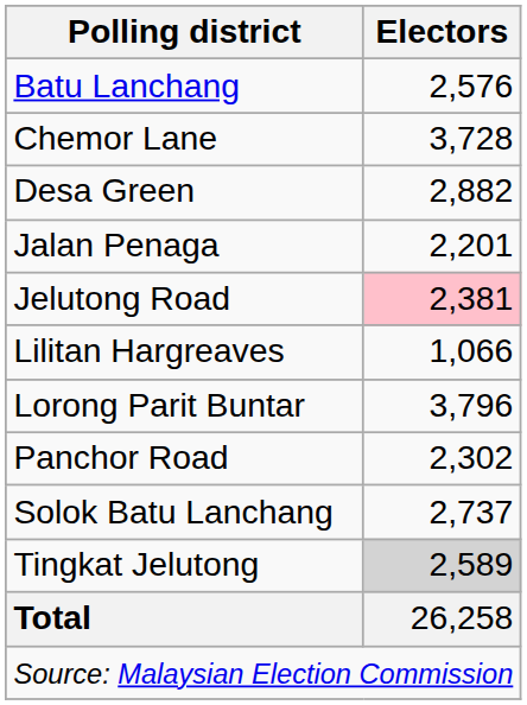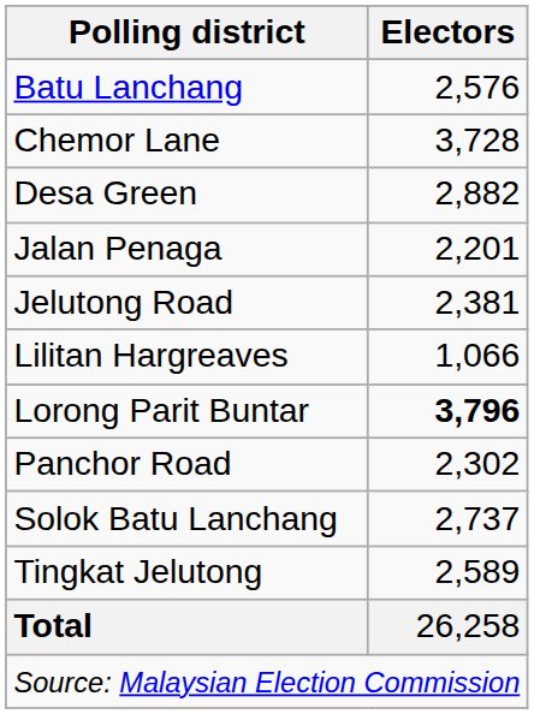 <table class="wikitable sortable">
 <tr>
 <th>Polling district</th>
 <th>Electors</th>
 </tr>
 <tr>
 <td><a href='#'>Batu Lanchang</a></td>
 <td align="right">2,576</td>
 </tr>
 <tr>
 <td>Chemor Lane</td>
 <td align="right">3,728</td>
 </tr>
 <tr>
 <td>Desa Green</td>
 <td align="right">2,882</td>
 </tr>
 <tr>
 <td>Jalan Penaga</td>
 <td align="right">2,201</td>
 </tr>
 <tr>
 <td>Jelutong Road</td>
-<td align="right" style="background: pink;">2,381</td>
+<td align="right">2,381</td>
 </tr>
 <tr>
 <td>Lilitan Hargreaves</td>
 <td align="right">1,066</td>
 </tr>
 <tr>
 <td>Lorong Parit Buntar</td>
-<td align="right">3,796</td>
+<td align="right"><strong>3,796</strong></td>
 </tr>
 <tr>
 <td>Panchor Road</td>
 <td align="right">2,302</td>
 </tr>
 <tr>
 <td>Solok Batu Lanchang</td>
 <td align="right">2,737</td>
 </tr>
 <tr>
 <td>Tingkat Jelutong</td>
-<td align="right" style="background: lightgrey;">2,589</td>
+<td align="right">2,589</td>
 </tr>
 <tr>
 <td style="background: #f2f2f2"><strong>Total</strong></td>
 <td style="background: #f2f2f2" align="right">26,258</td>
 </tr>
 <tr>
 <td colspan="2"  align="right"><small><em>Source: <a href='#'>Malaysian Election Commission</a></em></small></td>
 </tr>
 </table>
